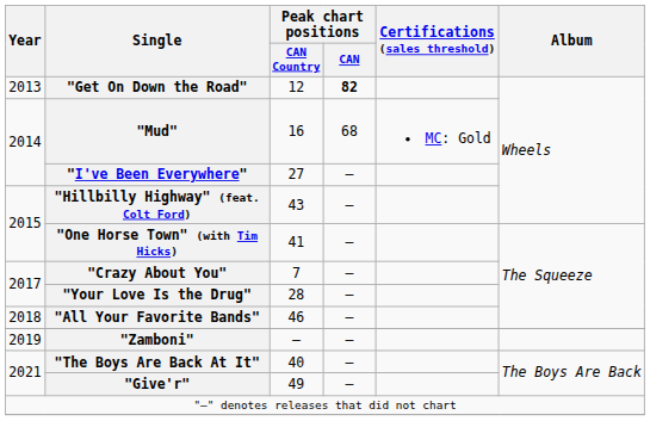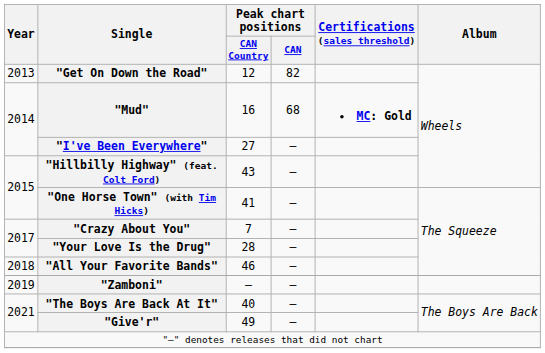 <table class="wikitable plainrowheaders" style="text-align:center;">
 <tr>
 <th rowspan="2">Year</th>
 <th rowspan="2" style="width:16em;">Single</th>
 <th colspan="2">Peak chart<br>positions</th>
 <th rowspan="2"><a href='#'>Certifications</a><br><small>(<a href='#'>sales threshold</a>)</small></th>
 <th rowspan="2">Album</th>
 </tr>
 <tr style="font-size:smaller;">
 <th width="45"><a href='#'>CAN Country</a><br></th>
 <th width="45"><a href='#'>CAN</a><br></th>
 </tr>
 <tr>
 <td>2013</td>
 <th scope="row">"Get On Down the Road"</th>
 <td>12</td>
-<td><strong>82</strong></td>
+<td>82</td>
 <td></td>
 <td align="left" rowspan="4"><em>Wheels</em></td>
 </tr>
 <tr>
 <td rowspan="2">2014</td>
 <th scope="row">"Mud"</th>
 <td>16</td>
 <td>68</td>
-<td><br><ul><li><a href='#'>MC</a>: Gold</li></ul></td>
+<td><strong><br><ul><li><a href='#'>MC</a>: Gold</li></ul></strong></td>
 </tr>
 <tr>
 <th scope="row">"<a href='#'>I've Been Everywhere</a>"</th>
 <td>27</td>
 <td>—</td>
 <td></td>
 </tr>
 <tr>
 <td rowspan="2">2015</td>
 <th scope="row">"Hillbilly Highway" <small>(feat. <a href='#'>Colt Ford</a>)</small></th>
 <td>43</td>
 <td>—</td>
 <td></td>
 </tr>
 <tr>
 <th scope="row">"One Horse Town" <small>(with <a href='#'>Tim Hicks</a>)</small></th>
 <td>41</td>
 <td>—</td>
 <td></td>
 <td align="left" rowspan="4"><em>The Squeeze</em></td>
 </tr>
 <tr>
 <td rowspan="2">2017</td>
 <th scope="row">"Crazy About You"</th>
 <td>7</td>
 <td>—</td>
 <td></td>
 </tr>
 <tr>
 <th scope="row">"Your Love Is the Drug"</th>
 <td>28</td>
 <td>—</td>
 <td></td>
 </tr>
 <tr>
 <td>2018</td>
 <th scope="row">"All Your Favorite Bands"</th>
 <td>46</td>
 <td>—</td>
 <td></td>
 </tr>
 <tr>
 </tr>
 <tr>
 <td>2019</td>
 <th scope="row">"Zamboni"</th>
 <td>—</td>
 <td>—</td>
 <td></td>
 <td></td>
 </tr>
 <tr>
 <td rowspan="2">2021</td>
 <th scope="row">"The Boys Are Back At It"</th>
 <td>40</td>
 <td>—</td>
 <td></td>
 <td align="left" rowspan="2"><em>The Boys Are Back</em></td>
 </tr>
 <tr>
 <th scope="row">"Give'r"</th>
 <td>49</td>
 <td>—</td>
 <td></td>
 </tr>
 <tr>
 <td colspan="6" style="font-size:8pt">"—" denotes releases that did not chart</td>
 </tr>
 <tr>
 </tr>
 </table>
